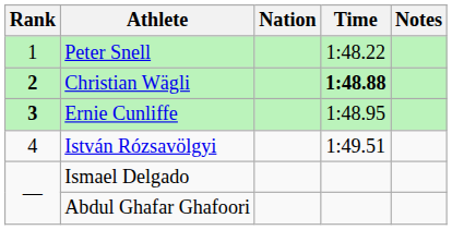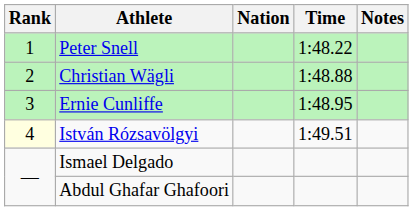 <table class="wikitable sortable" style="text-align:center">
 <tr>
 <th>Rank</th>
 <th>Athlete</th>
 <th>Nation</th>
 <th>Time</th>
 <th>Notes</th>
 </tr>
 <tr bgcolor=bbf3bb>
 <td>1</td>
 <td align=left><a href='#'>Peter Snell</a></td>
 <td align=left></td>
 <td>1:48.22</td>
 <td></td>
 </tr>
 <tr bgcolor=bbf3bb>
-<td><strong>2</strong></td>
+<td>2</td>
 <td align=left><a href='#'>Christian Wägli</a></td>
 <td align=left></td>
-<td><strong>1:48.88</strong></td>
+<td>1:48.88</td>
 <td></td>
 </tr>
 <tr bgcolor=bbf3bb>
-<td><strong>3</strong></td>
+<td>3</td>
 <td align=left><a href='#'>Ernie Cunliffe</a></td>
 <td align=left></td>
 <td>1:48.95</td>
 <td></td>
 </tr>
 <tr>
-<td>4</td>
+<td style="background: lightyellow;">4</td>
 <td align=left><a href='#'>István Rózsavölgyi</a></td>
 <td align=left></td>
 <td>1:49.51</td>
 <td></td>
 </tr>
 <tr>
 <td rowspan=2 data-sort-value=5>—</td>
 <td align=left>Ismael Delgado</td>
 <td align=left></td>
 <td></td>
 <td></td>
 </tr>
 <tr>
 <td align=left>Abdul Ghafar Ghafoori</td>
 <td align=left></td>
 <td></td>
 <td></td>
 </tr>
 </table>
